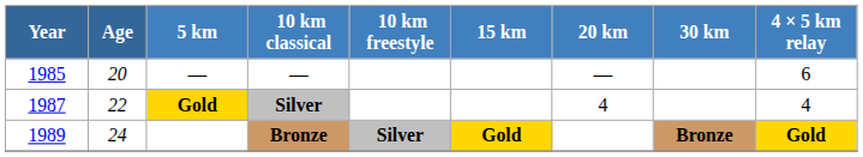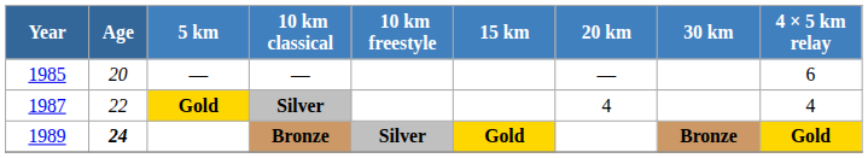 <table class="wikitable" style="font-size:95%; text-align:center; border:grey solid 1px; border-collapse:collapse; background:#ffffff;">
 <tr>
 <th style="background-color:#369; color:white; width:60px;"> Year </th>
 <th style="background-color:#369; color:white; width:40px;"> Age </th>
 <th style="background-color:#4180be; color:white; width:75px;"> 5 km </th>
 <th style="background-color:#4180be; color:white; width:75px;"> 10 km<br> classical </th>
 <th style="background-color:#4180be; color:white; width:75px;"> 10 km<br> freestyle </th>
 <th style="background-color:#4180be; color:white; width:75px;"> 15 km </th>
 <th style="background-color:#4180be; color:white; width:75px;"> 20 km </th>
 <th style="background-color:#4180be; color:white; width:75px;"> 30 km </th>
 <th style="background-color:#4180be; color:white; width:75px;"> 4 × 5 km <br> relay </th>
 </tr>
 <tr>
 <td><a href='#'>1985</a></td>
 <td><em>20</em></td>
 <td>—</td>
 <td>—</td>
 <td></td>
 <td></td>
 <td>—</td>
 <td></td>
 <td>6</td>
 </tr>
 <tr>
 <td><a href='#'>1987</a></td>
 <td><em>22</em></td>
 <td style="background:gold;"><strong>Gold</strong></td>
 <td style="background:silver;"><strong>Silver</strong></td>
 <td></td>
 <td></td>
 <td>4</td>
 <td></td>
 <td>4</td>
 </tr>
 <tr>
 <td><a href='#'>1989</a></td>
-<td><em>24</em></td>
+<td><strong><em>24</em></strong></td>
 <td></td>
 <td bgcolor="cc9966"><strong>Bronze</strong></td>
 <td style="background:silver;"><strong>Silver</strong></td>
 <td style="background:gold;"><strong>Gold</strong></td>
 <td></td>
 <td bgcolor="cc9966"><strong>Bronze</strong></td>
 <td style="background:gold;"><strong>Gold</strong></td>
 </tr>
 <tr>
 </tr>
 </table>
